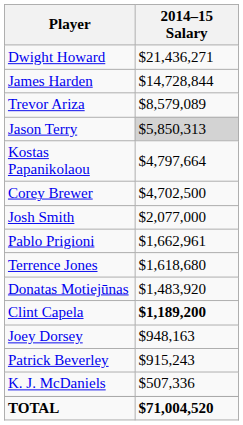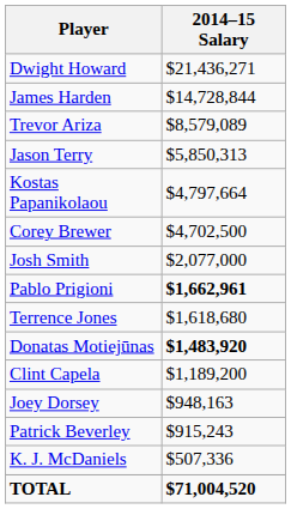 <table width=250 px; class="wikitable sortable sortable">
 <tr>
 <th style=>Player</th>
 <th style=>2014–15 Salary</th>
 </tr>
 <tr>
 <td><a href='#'>Dwight Howard</a></td>
 <td align="left">$21,436,271</td>
 </tr>
 <tr>
 <td><a href='#'>James Harden</a></td>
 <td align="left">$14,728,844</td>
 </tr>
 <tr>
 <td><a href='#'>Trevor Ariza</a></td>
 <td align="left">$8,579,089</td>
 </tr>
 <tr>
 <td><a href='#'>Jason Terry</a></td>
-<td align="left" style="background: lightgrey;">$5,850,313</td>
+<td align="left">$5,850,313</td>
 </tr>
 <tr>
 <td><a href='#'>Kostas Papanikolaou</a></td>
 <td align="left">$4,797,664</td>
 </tr>
 <tr>
 <td><a href='#'>Corey Brewer</a></td>
 <td align="left">$4,702,500</td>
 </tr>
 <tr>
 <td><a href='#'>Josh Smith</a></td>
 <td align="left">$2,077,000</td>
 </tr>
 <tr>
 <td><a href='#'>Pablo Prigioni</a></td>
-<td align="left">$1,662,961</td>
+<td align="left"><strong>$1,662,961</strong></td>
 </tr>
 <tr>
 <td><a href='#'>Terrence Jones</a></td>
 <td align="left">$1,618,680</td>
 </tr>
 <tr>
 <td><a href='#'>Donatas Motiejūnas</a></td>
-<td align="left">$1,483,920</td>
+<td align="left"><strong>$1,483,920</strong></td>
 </tr>
 <tr>
 <td><a href='#'>Clint Capela</a></td>
-<td align="left"><strong>$1,189,200</strong></td>
+<td align="left">$1,189,200</td>
 </tr>
 <tr>
 <td><a href='#'>Joey Dorsey</a></td>
 <td align="left">$948,163</td>
 </tr>
 <tr>
 <td><a href='#'>Patrick Beverley</a></td>
 <td align="left">$915,243</td>
 </tr>
 <tr>
 <td><a href='#'>K. J. McDaniels</a></td>
 <td align="left">$507,336</td>
 </tr>
 <tr>
 </tr>
 <tr class="sortbottom">
 <td style=><strong>TOTAL</strong></td>
 <td style=><strong>$71,004,520</strong></td>
 </tr>
 </table>
